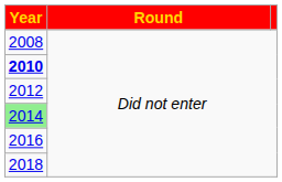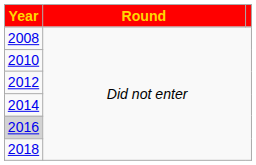 <table class="wikitable" style="text-align: center; font-size:90%">
 <tr style="color:gold;">
 <th style="background:#FF0000;">Year</th>
 <th style="background:#FF0000; width:200px">Round</th>
 <th style="background:#FF0000;"></th>
 </tr>
 <tr>
 <td><a href='#'>2008</a></td>
 <td colspan="2" rowspan="6"><em>Did not enter</em></td>
 </tr>
 <tr>
-<td><strong><a href='#'>2010</a></strong></td>
+<td><a href='#'>2010</a></td>
 </tr>
 <tr>
 <td><a href='#'>2012</a></td>
 </tr>
 <tr>
-<td style="background: lightgreen;"><a href='#'>2014</a></td>
+<td><a href='#'>2014</a></td>
 </tr>
 <tr>
-<td><a href='#'>2016</a></td>
+<td style="background: lightgrey;"><a href='#'>2016</a></td>
 </tr>
 <tr>
 <td><a href='#'>2018</a></td>
 </tr>
 </table>
